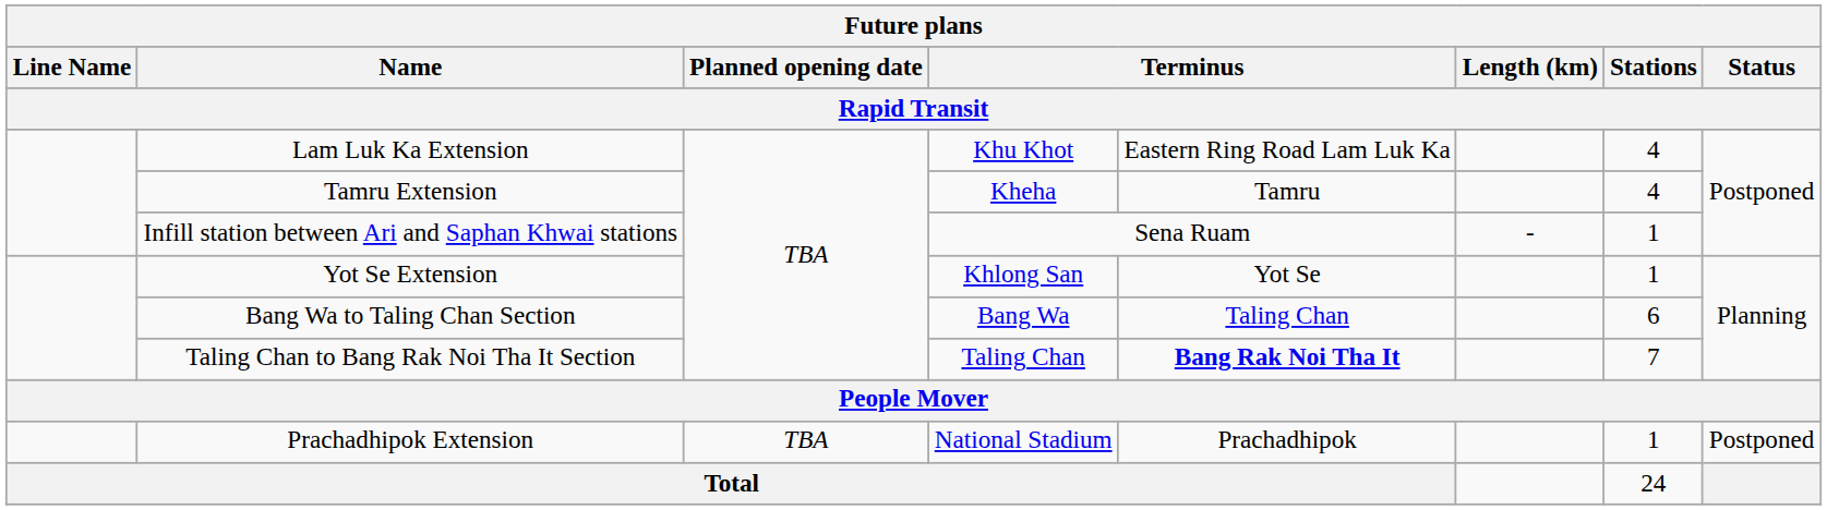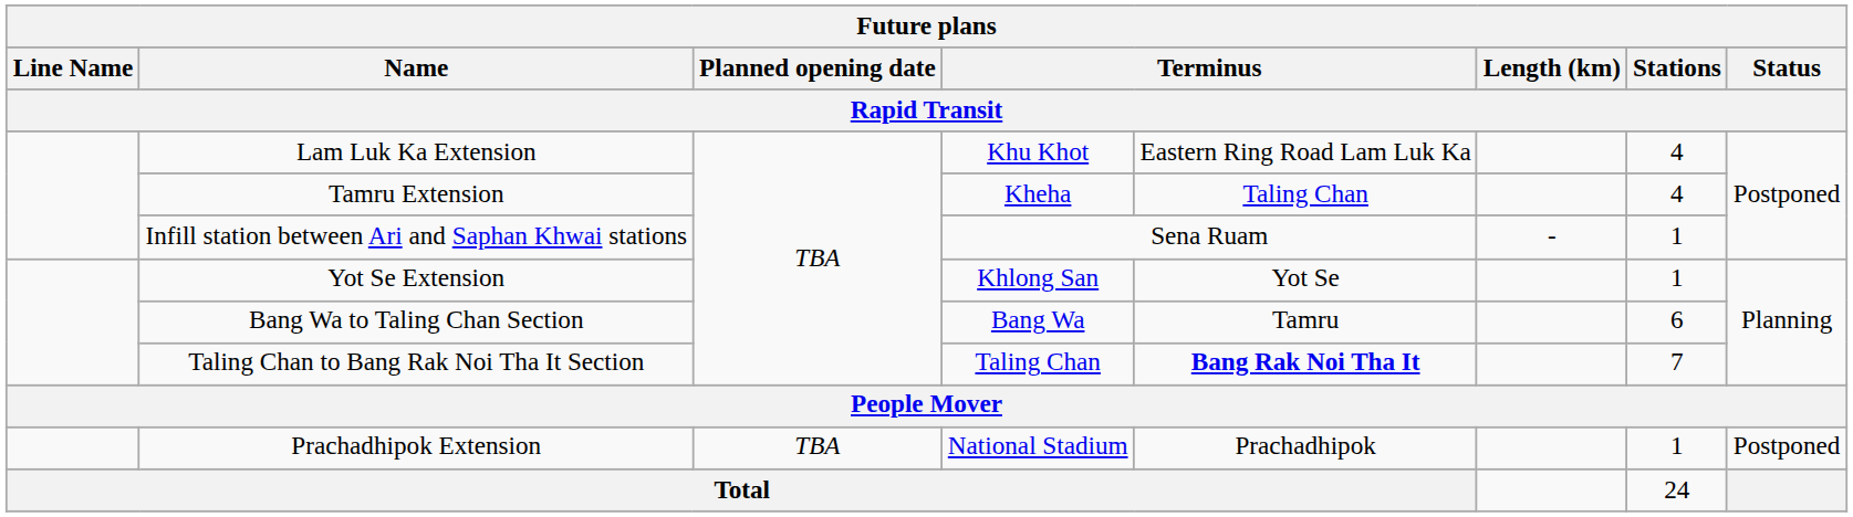 <table class="wikitable" style=margin:auto;font-align:center;text-align:center;font-size:80%;">
 <tr>
 <th colspan="8">Future plans</th>
 </tr>
 <tr>
 <th><strong>Line Name</strong></th>
 <th><strong>Name</strong></th>
 <th><strong>Planned opening date</strong></th>
 <th colspan="2"><strong>Terminus</strong></th>
 <th><strong>Length (km)</strong></th>
 <th><strong>Stations</strong></th>
 <th><strong>Status</strong></th>
 </tr>
 <tr>
 <th colspan="8"><strong><a href='#'>Rapid Transit</a></strong></th>
 </tr>
 <tr>
 <td rowspan="3" style="background:#"><strong><a href='#'></a></strong></td>
 <td>Lam Luk Ka Extension</td>
 <td rowspan="6"><abbr><em>TBA</em></abbr></td>
 <td><a href='#'>Khu Khot</a></td>
 <td>Eastern Ring Road Lam Luk Ka</td>
 <td></td>
 <td>4</td>
 <td rowspan="3">Postponed</td>
 </tr>
 <tr>
 <td>Tamru Extension</td>
 <td><a href='#'>Kheha</a></td>
-<td>Tamru</td>
+<td><a href='#'>Taling Chan</a></td>
 <td></td>
 <td>4</td>
 </tr>
 <tr>
 <td>Infill station between <a href='#'>Ari</a> and <a href='#'>Saphan Khwai</a> stations</td>
 <td colspan="2"> Sena Ruam</td>
 <td>-</td>
 <td>1</td>
 </tr>
 <tr>
 <td rowspan="3" style="background:#"><strong><a href='#'></a></strong></td>
 <td>Yot Se Extension</td>
 <td><a href='#'>Khlong San</a></td>
 <td>Yot Se</td>
 <td></td>
 <td>1</td>
 <td rowspan="3">Planning</td>
 </tr>
 <tr>
 <td>Bang Wa to Taling Chan Section</td>
 <td><a href='#'>Bang Wa</a></td>
-<td><a href='#'>Taling Chan</a></td>
+<td>Tamru</td>
 <td></td>
 <td>6</td>
 </tr>
 <tr>
 <td>Taling Chan to Bang Rak Noi Tha It Section</td>
 <td><a href='#'>Taling Chan</a></td>
 <td><strong><a href='#'>Bang Rak Noi Tha It</a></strong></td>
 <td></td>
 <td>7</td>
 </tr>
 <tr>
 <th colspan="8"><strong><a href='#'>People Mover</a></strong></th>
 </tr>
 <tr>
 <td style="background:#"><strong><a href='#'></a></strong></td>
 <td>Prachadhipok Extension</td>
 <td><abbr><em>TBA</em></abbr></td>
 <td><a href='#'>National Stadium</a></td>
 <td>Prachadhipok</td>
 <td></td>
 <td>1</td>
 <td>Postponed</td>
 </tr>
 <tr>
 <th colspan="5"><strong>Total</strong></th>
 <td></td>
 <td>24</td>
 <th></th>
 </tr>
 </table>
